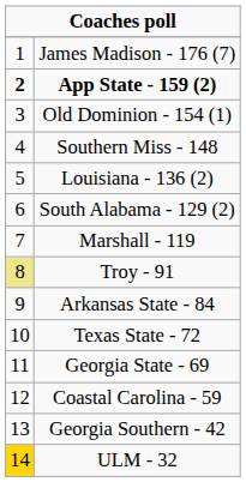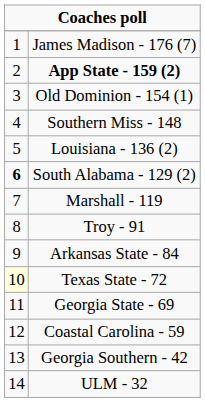 <table class="wikitable" style="display: inline-table;">
 <tr>
 <td align="center" Colspan="3"><strong>Coaches poll</strong></td>
 </tr>
 <tr align="center">
 </tr>
 <tr align="center">
 <td>1</td>
 <td>James Madison - 176 (7)</td>
 </tr>
 <tr align="center">
-<td><strong>2</strong></td>
+<td>2</td>
 <td><strong>App State - 159 (2)</strong></td>
 </tr>
 <tr align="center">
 <td>3</td>
 <td>Old Dominion - 154 (1)</td>
 </tr>
 <tr align="center">
 <td>4</td>
 <td>Southern Miss - 148</td>
 </tr>
 <tr align="center">
 <td>5</td>
 <td>Louisiana - 136 (2)</td>
 </tr>
 <tr align="center">
-<td>6</td>
+<td><strong>6</strong></td>
 <td>South Alabama - 129 (2)</td>
 </tr>
 <tr align="center">
 <td>7</td>
 <td>Marshall - 119</td>
 </tr>
 <tr align="center">
-<td style="background: khaki;">8</td>
+<td>8</td>
 <td>Troy - 91</td>
 </tr>
 <tr align="center">
 <td>9</td>
 <td>Arkansas State - 84</td>
 </tr>
 <tr align="center">
-<td>10</td>
+<td style="background: lightyellow;">10</td>
 <td>Texas State - 72</td>
 </tr>
 <tr align="center">
 <td>11</td>
 <td>Georgia State - 69</td>
 </tr>
 <tr align="center">
 <td>12</td>
 <td>Coastal Carolina - 59</td>
 </tr>
 <tr align="center">
 <td>13</td>
 <td>Georgia Southern - 42</td>
 </tr>
 <tr align="center">
-<td style="background: gold;">14</td>
+<td>14</td>
 <td>ULM - 32</td>
 </tr>
 </table>
